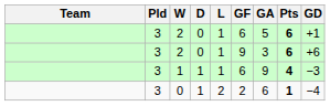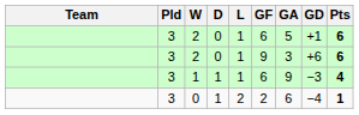 <table class="wikitable" style="text-align:center;">
 <tr>
 <th width=180>Team</th>
 <th width=20>Pld</th>
 <th width=20>W</th>
 <th width=20>D</th>
 <th width=20>L</th>
 <th width=20>GF</th>
 <th width=20>GA</th>
+<th width=20>GD</th>
 <th width=20>Pts</th>
-<th width=20>GD</th>
 </tr>
 <tr bgcolor=ccffcc>
 <td align="left"><em></em></td>
 <td>3</td>
 <td>2</td>
 <td>0</td>
 <td>1</td>
 <td>6</td>
 <td>5</td>
+<td>+1</td>
 <td><strong>6</strong></td>
-<td>+1</td>
 </tr>
 <tr bgcolor=ccffcc>
 <td align="left"></td>
 <td>3</td>
 <td>2</td>
 <td>0</td>
 <td>1</td>
 <td>9</td>
 <td>3</td>
+<td>+6</td>
 <td><strong>6</strong></td>
-<td>+6</td>
 </tr>
 <tr bgcolor=ccffcc>
 <td align="left"></td>
 <td>3</td>
 <td>1</td>
 <td>1</td>
 <td>1</td>
 <td>6</td>
 <td>9</td>
+<td>−3</td>
 <td><strong>4</strong></td>
-<td>−3</td>
 </tr>
 <tr>
 <td align="left"></td>
 <td>3</td>
 <td>0</td>
 <td>1</td>
 <td>2</td>
 <td>2</td>
 <td>6</td>
+<td>−4</td>
 <td><strong>1</strong></td>
-<td>−4</td>
 </tr>
 </table>
